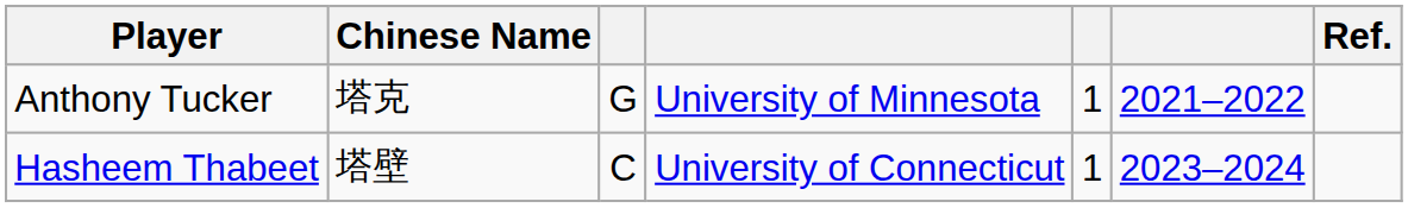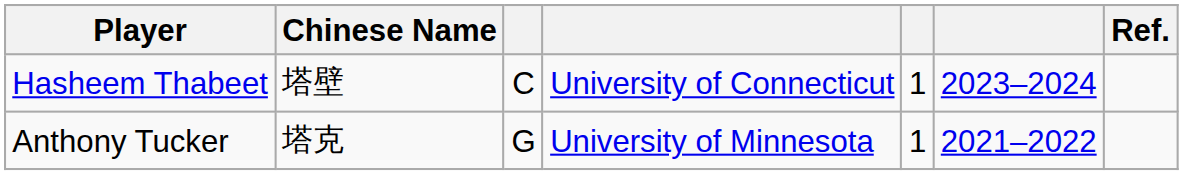 <table class="wikitable sortable" style="font-size:95%; text-align:left;">
 <tr>
 <th>Player</th>
 <th>Chinese Name</th>
 <th></th>
 <th></th>
 <th></th>
 <th></th>
 <th>Ref.</th>
 </tr>
 <tr>
+<td><a href='#'>Hasheem Thabeet</a></td>
+<td>塔壁</td>
+<td align="center">C</td>
+<td><a href='#'>University of Connecticut</a></td>
+<td align="center">1</td>
+<td align="center"><a href='#'>2023–2024</a></td>
+<td></td>
+</tr>
+<tr>
 <td>Anthony Tucker</td>
 <td>塔克</td>
 <td align="center">G</td>
 <td><a href='#'>University of Minnesota</a></td>
 <td align="center">1</td>
 <td align="center"><a href='#'>2021–2022</a></td>
 <td></td>
 </tr>
-<tr>
-<td><a href='#'>Hasheem Thabeet</a></td>
-<td>塔壁</td>
-<td align="center">C</td>
-<td><a href='#'>University of Connecticut</a></td>
-<td align="center">1</td>
-<td align="center"><a href='#'>2023–2024</a></td>
-<td></td>
-</tr>
 </table>
